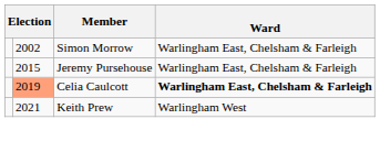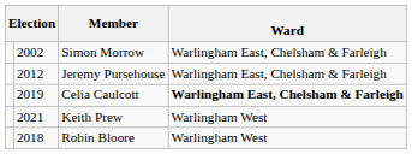 <table class="wikitable">
 <tr>
 <th colspan="2">Election</th>
 <th>Member</th>
 <th><br>Ward</th>
 </tr>
 <tr>
 <td style="background-color: "></td>
 <td>2002</td>
 <td>Simon Morrow</td>
 <td>Warlingham East, Chelsham & Farleigh</td>
 </tr>
 <tr>
 <td style="background-color: "></td>
-<td>2015</td>
+<td>2012</td>
 <td>Jeremy Pursehouse</td>
 <td>Warlingham East, Chelsham & Farleigh</td>
 </tr>
 <tr>
 <td style="background-color: "></td>
-<td style="background: lightsalmon;">2019</td>
+<td>2019</td>
 <td>Celia Caulcott</td>
 <td><strong>Warlingham East, Chelsham & Farleigh</strong></td>
 </tr>
 <tr>
 <td style="background-color: "></td>
 <td>2021</td>
 <td>Keith Prew</td>
 <td>Warlingham West</td>
 </tr>
+<tr>
+<td style="background-color: "></td>
+<td>2018</td>
+<td>Robin Bloore</td>
+<td>Warlingham West</td>
+</tr>
 </table>
